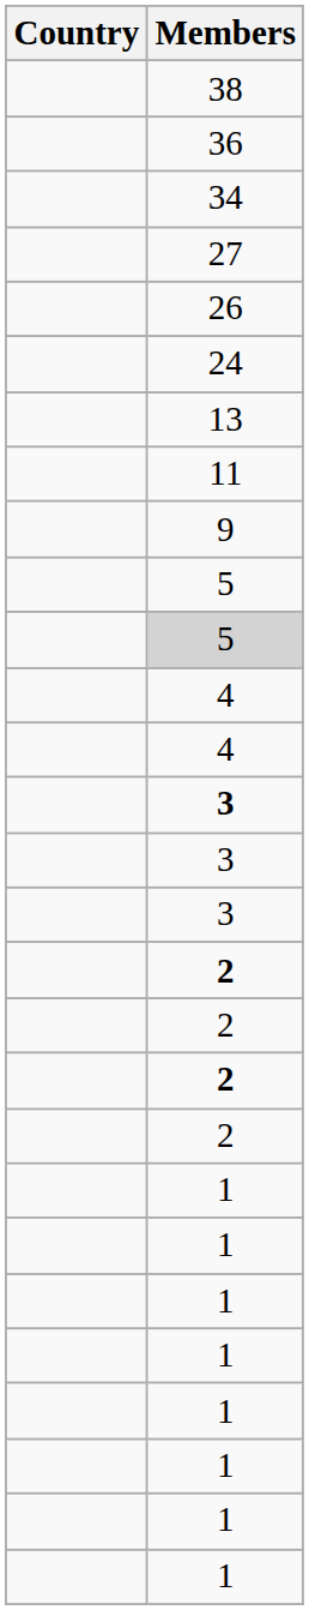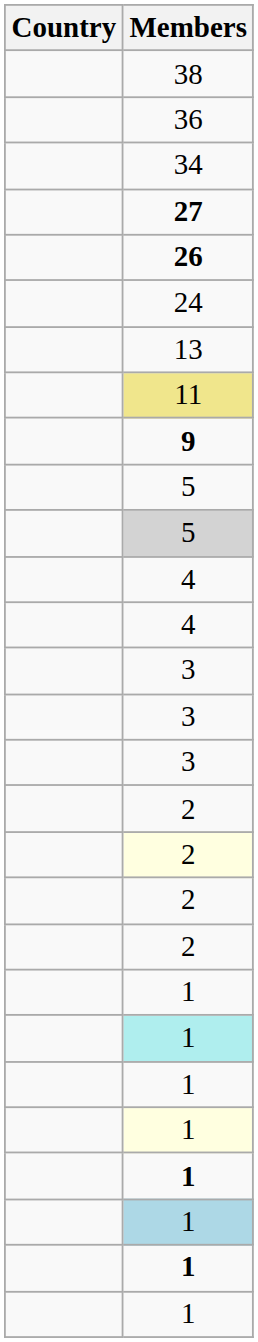 <table class="wikitable sortable">
 <tr>
 <th>Country</th>
 <th>Members</th>
 </tr>
 <tr align=center>
 <td align=left></td>
 <td>38</td>
 </tr>
 <tr align=center>
 <td align=left></td>
 <td>36</td>
 </tr>
 <tr align=center>
 <td align=left></td>
 <td>34</td>
 </tr>
 <tr align=center>
 <td align=left></td>
-<td>27</td>
+<td><strong>27</strong></td>
 </tr>
 <tr align=center>
 <td align=left></td>
-<td>26</td>
+<td><strong>26</strong></td>
 </tr>
 <tr align=center>
 <td align=left></td>
 <td>24</td>
 </tr>
 <tr align=center>
 <td align=left></td>
 <td>13</td>
 </tr>
 <tr align=center>
 <td align=left></td>
-<td>11</td>
+<td style="background: khaki;">11</td>
 </tr>
 <tr align=center>
 <td align=left></td>
-<td>9</td>
+<td><strong>9</strong></td>
 </tr>
 <tr align=center>
 <td align=left></td>
 <td>5</td>
 </tr>
 <tr align=center>
 <td align=left></td>
 <td style="background: lightgrey;">5</td>
 </tr>
 <tr align=center>
 <td align=left></td>
 <td>4</td>
 </tr>
 <tr align=center>
 <td align=left></td>
 <td>4</td>
 </tr>
 <tr align=center>
 <td align=left></td>
-<td><strong>3</strong></td>
+<td>3</td>
 </tr>
 <tr align=center>
 <td align=left></td>
 <td>3</td>
 </tr>
 <tr align=center>
 <td align=left></td>
 <td>3</td>
 </tr>
 <tr align=center>
 <td align=left></td>
-<td><strong>2</strong></td>
+<td>2</td>
+</tr>
+<tr align=center>
+<td align=left></td>
+<td style="background: lightyellow;">2</td>
 </tr>
 <tr align=center>
 <td align=left></td>
 <td>2</td>
-</tr>
-<tr align=center>
-<td align=left></td>
-<td><strong>2</strong></td>
 </tr>
 <tr align=center>
 <td align=left></td>
 <td>2</td>
 </tr>
 <tr align=center>
 <td align=left></td>
 <td>1</td>
 </tr>
 <tr align=center>
 <td align=left></td>
-<td>1</td>
+<td style="background: paleturquoise;">1</td>
 </tr>
 <tr align=center>
 <td align=left></td>
 <td>1</td>
 </tr>
 <tr align=center>
 <td align=left></td>
-<td>1</td>
+<td style="background: lightyellow;">1</td>
 </tr>
 <tr align=center>
 <td align=left></td>
-<td>1</td>
+<td><strong>1</strong></td>
 </tr>
 <tr align=center>
 <td align=left></td>
-<td>1</td>
+<td style="background: lightblue;">1</td>
 </tr>
 <tr align=center>
 <td align=left></td>
-<td>1</td>
+<td><strong>1</strong></td>
 </tr>
 <tr align=center>
 <td align=left></td>
 <td>1</td>
 </tr>
 </table>
